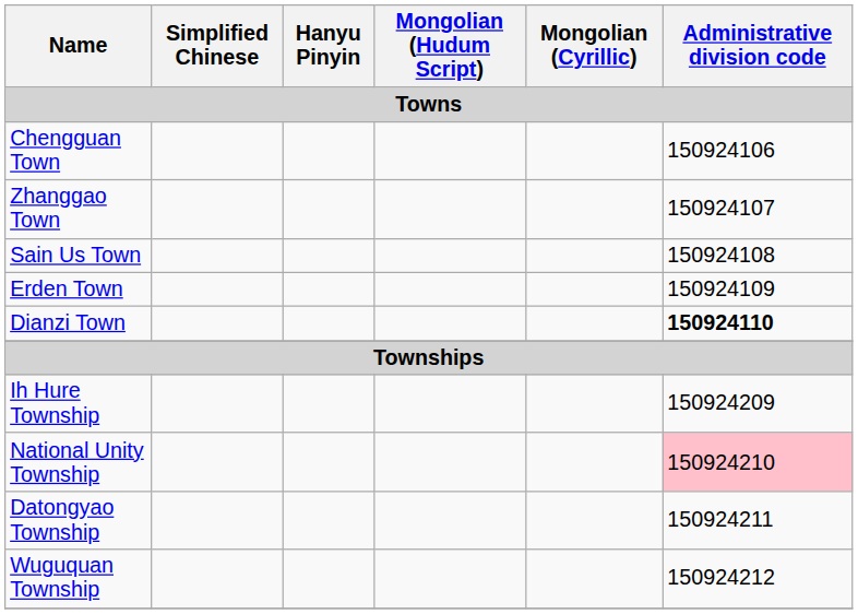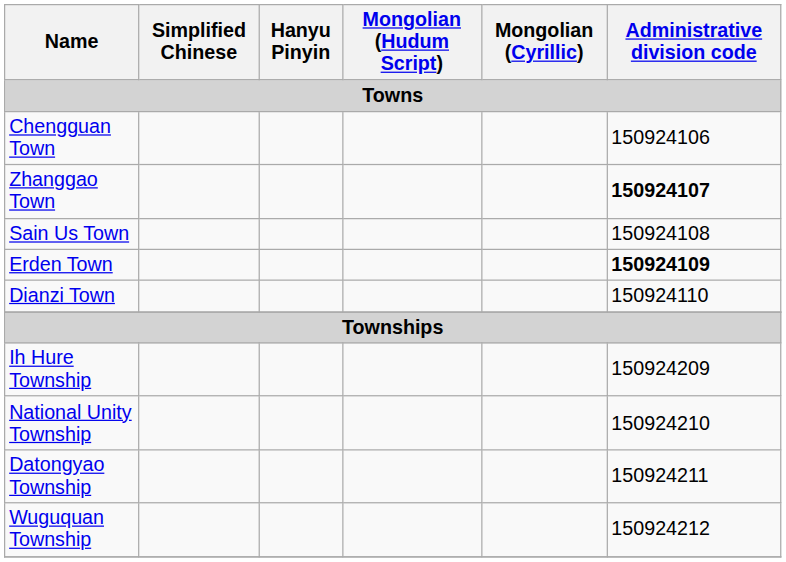 <table class="wikitable" align="center" style="width:50%; border="1">
 <tr>
 <th>Name</th>
 <th>Simplified Chinese</th>
 <th>Hanyu Pinyin</th>
 <th><a href='#'>Mongolian</a> (<a href='#'>Hudum Script</a>)</th>
 <th>Mongolian (<a href='#'>Cyrillic</a>)</th>
 <th><a href='#'>Administrative division code</a></th>
 </tr>
 <tr>
 <td colspan="6"  style="text-align:center; background:#d3d3d3;"><strong>Towns</strong></td>
 </tr>
 <tr --------->
 <td><a href='#'>Chengguan Town</a></td>
 <td></td>
 <td></td>
 <td></td>
 <td></td>
 <td>150924106</td>
 </tr>
 <tr>
 <td><a href='#'>Zhanggao Town</a></td>
 <td></td>
 <td></td>
 <td></td>
 <td></td>
-<td>150924107</td>
+<td><strong>150924107</strong></td>
 </tr>
 <tr>
 <td><a href='#'>Sain Us Town</a></td>
 <td></td>
 <td></td>
 <td></td>
 <td></td>
 <td>150924108</td>
 </tr>
 <tr>
 <td><a href='#'>Erden Town</a></td>
 <td></td>
 <td></td>
 <td></td>
 <td></td>
-<td>150924109</td>
+<td><strong>150924109</strong></td>
 </tr>
 <tr>
 <td><a href='#'>Dianzi Town</a></td>
 <td></td>
 <td></td>
 <td></td>
 <td></td>
-<td><strong>150924110</strong></td>
+<td>150924110</td>
 </tr>
 <tr>
 </tr>
 <tr>
 <td colspan="6"  style="text-align:center; background:#d3d3d3;"><strong>Townships</strong></td>
 </tr>
 <tr --------->
 <td><a href='#'>Ih Hure Township</a></td>
 <td></td>
 <td></td>
 <td></td>
 <td></td>
 <td>150924209</td>
 </tr>
 <tr>
 <td><a href='#'>National Unity Township</a></td>
 <td></td>
 <td></td>
 <td></td>
 <td></td>
-<td style="background: pink;">150924210</td>
+<td>150924210</td>
 </tr>
 <tr>
 <td><a href='#'>Datongyao Township</a></td>
 <td></td>
 <td></td>
 <td></td>
 <td></td>
 <td>150924211</td>
 </tr>
 <tr>
 <td><a href='#'>Wuguquan Township</a></td>
 <td></td>
 <td></td>
 <td></td>
 <td></td>
 <td>150924212</td>
 </tr>
 <tr>
 </tr>
 </table>
